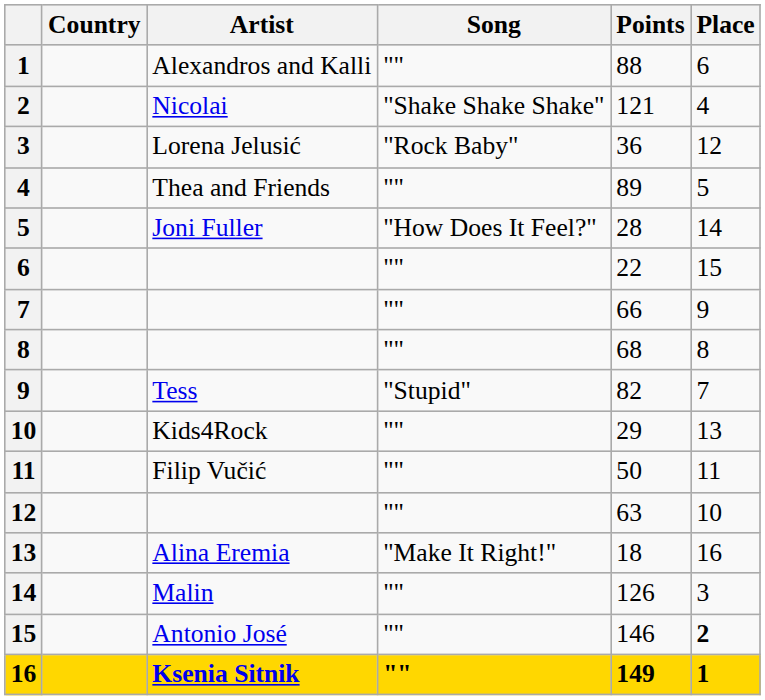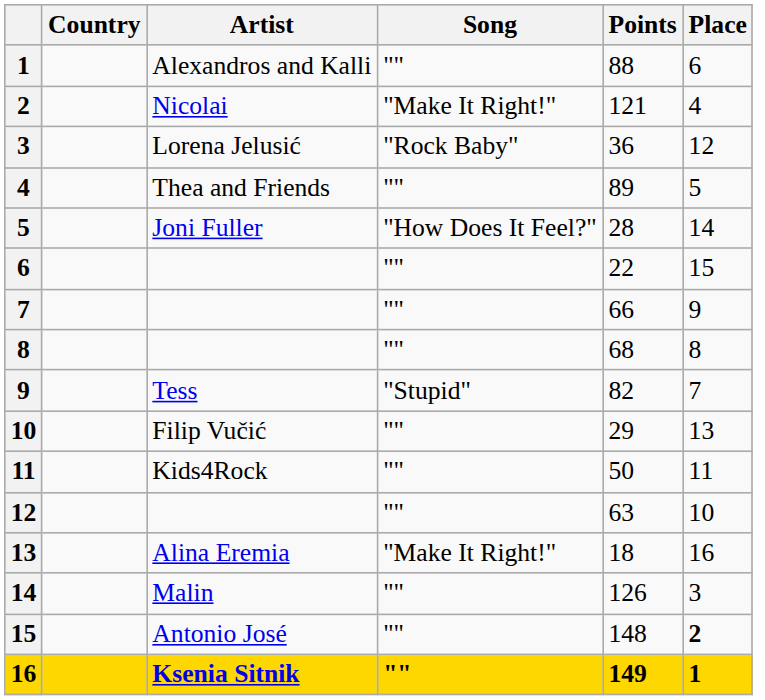 <table class="sortable wikitable plainrowheaders">
 <tr>
 <th scope="col"></th>
 <th scope="col">Country</th>
 <th scope="col">Artist</th>
 <th scope="col">Song</th>
 <th scope="col">Points</th>
 <th scope="col">Place</th>
 </tr>
 <tr>
 <th scope="row" style="text-align:center;">1</th>
 <td></td>
 <td>Alexandros and Kalli</td>
 <td>""</td>
 <td>88</td>
 <td>6</td>
 </tr>
 <tr>
 <th scope="row" style="text-align:center;">2</th>
 <td></td>
 <td><a href='#'>Nicolai</a></td>
-<td>"Shake Shake Shake"</td>
+<td>"Make It Right!"</td>
 <td>121</td>
 <td>4</td>
 </tr>
 <tr>
 <th scope="row" style="text-align:center;">3</th>
 <td></td>
 <td>Lorena Jelusić</td>
 <td>"Rock Baby"</td>
 <td>36</td>
 <td>12</td>
 </tr>
 <tr>
 <th scope="row" style="text-align:center;">4</th>
 <td></td>
 <td>Thea and Friends</td>
 <td>""</td>
 <td>89</td>
 <td>5</td>
 </tr>
 <tr>
 <th scope="row" style="text-align:center;">5</th>
 <td></td>
 <td><a href='#'>Joni Fuller</a></td>
 <td>"How Does It Feel?"</td>
 <td>28</td>
 <td>14</td>
 </tr>
 <tr>
 <th scope="row" style="text-align:center;">6</th>
 <td></td>
 <td></td>
 <td>""</td>
 <td>22</td>
 <td>15</td>
 </tr>
 <tr>
 <th scope="row" style="text-align:center;">7</th>
 <td></td>
 <td></td>
 <td>""</td>
 <td>66</td>
 <td>9</td>
 </tr>
 <tr>
 <th scope="row" style="text-align:center;">8</th>
 <td></td>
 <td></td>
 <td>""</td>
 <td>68</td>
 <td>8</td>
 </tr>
 <tr>
 <th scope="row" style="text-align:center;">9</th>
 <td></td>
 <td><a href='#'>Tess</a></td>
 <td>"Stupid"</td>
 <td>82</td>
 <td>7</td>
 </tr>
 <tr>
 <th scope="row" style="text-align:center;">10</th>
 <td></td>
-<td>Kids4Rock</td>
+<td>Filip Vučić</td>
 <td>""</td>
 <td>29</td>
 <td>13</td>
 </tr>
 <tr>
 <th scope="row" style="text-align:center;">11</th>
 <td></td>
-<td>Filip Vučić</td>
+<td>Kids4Rock</td>
 <td>""</td>
 <td>50</td>
 <td>11</td>
 </tr>
 <tr>
 <th scope="row" style="text-align:center;">12</th>
 <td></td>
 <td></td>
 <td>""</td>
 <td>63</td>
 <td>10</td>
 </tr>
 <tr>
 <th scope="row" style="text-align:center;">13</th>
 <td></td>
 <td><a href='#'>Alina Eremia</a></td>
 <td>"Make It Right!"</td>
 <td>18</td>
 <td>16</td>
 </tr>
 <tr>
 <th scope="row" style="text-align:center;">14</th>
 <td></td>
 <td><a href='#'>Malin</a></td>
 <td>""</td>
 <td>126</td>
 <td>3</td>
 </tr>
 <tr>
 <th scope="row" style="text-align:center;">15</th>
 <td></td>
 <td><a href='#'>Antonio José</a></td>
 <td>""</td>
-<td>146</td>
+<td>148</td>
 <td><strong>2</strong></td>
 </tr>
 <tr style="font-weight:bold; background:gold;">
 <th scope="row" style="text-align:center; font-weight:bold; background:gold;">16</th>
 <td></td>
 <td><a href='#'>Ksenia Sitnik</a></td>
 <td>""</td>
 <td>149</td>
 <td>1</td>
 </tr>
 </table>
